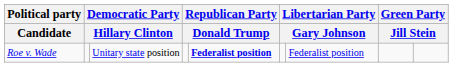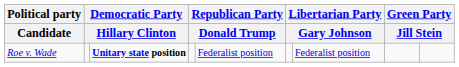 <table class="wikitable sortable">
 <tr>
 <th>Political party</th>
 <th colspan="2" style="text-align:center;"><a href='#'>Democratic Party</a></th>
 <th colspan="2" style="text-align:center;"><a href='#'>Republican Party</a></th>
 <th colspan="2" style="text-align:center;"><a href='#'>Libertarian Party</a></th>
 <th colspan="2" style="text-align:center;"><a href='#'>Green Party</a></th>
 </tr>
 <tr>
 <th>Candidate</th>
 <th colspan="2" style="text-align:center;"><a href='#'>Hillary Clinton</a></th>
 <th colspan="2" style="text-align:center;"><a href='#'>Donald Trump</a></th>
 <th colspan="2" style="text-align:center;"><a href='#'>Gary Johnson</a></th>
 <th colspan="2" style="text-align:center;"><a href='#'>Jill Stein</a></th>
 </tr>
 <tr>
 <td><small><em><a href='#'>Roe v. Wade</a></em></small></td>
 <td></td>
-<td><small><a href='#'>Unitary state</a> position</small></td>
+<td><strong><small><a href='#'>Unitary state</a> position</small></strong></td>
 <td></td>
-<td><strong><small><a href='#'>Federalist position</a></small></strong></td>
+<td><small><a href='#'>Federalist position</a></small></td>
 <td></td>
 <td><small><a href='#'>Federalist position</a></small></td>
 <td></td>
 <td></td>
 </tr>
 </table>
